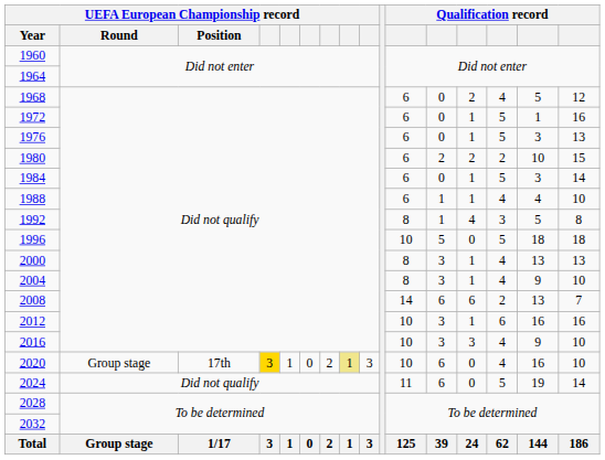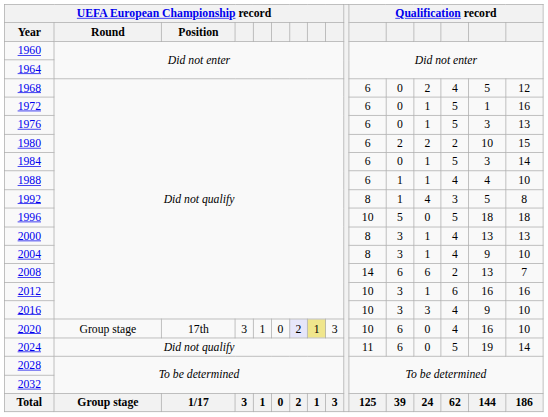 <table class="wikitable" style="text-align: center;">
 <tr>
 <th colspan=9><a href='#'>UEFA European Championship</a> record</th>
 <th width=1% rowspan=39></th>
 <th colspan=7><a href='#'>Qualification</a> record</th>
 </tr>
 <tr>
 <th>Year</th>
 <th>Round</th>
 <th>Position</th>
 <th></th>
 <th></th>
 <th></th>
 <th></th>
 <th></th>
 <th></th>
 <th></th>
 <th></th>
 <th></th>
 <th></th>
 <th></th>
 <th></th>
 </tr>
 <tr>
 <td> <a href='#'>1960</a></td>
 <td rowspan=2 colspan=8><em>Did not enter</em></td>
 <td rowspan=2 colspan=6><em>Did not enter</em></td>
 </tr>
 <tr>
 <td> <a href='#'>1964</a></td>
 </tr>
 <tr>
 <td> <a href='#'>1968</a></td>
 <td rowspan=13 colspan=8><em>Did not qualify</em></td>
 <td>6</td>
 <td>0</td>
 <td>2</td>
 <td>4</td>
 <td>5</td>
 <td>12</td>
 </tr>
 <tr>
 <td> <a href='#'>1972</a></td>
 <td>6</td>
 <td>0</td>
 <td>1</td>
 <td>5</td>
 <td>1</td>
 <td>16</td>
 </tr>
 <tr>
 <td> <a href='#'>1976</a></td>
 <td>6</td>
 <td>0</td>
 <td>1</td>
 <td>5</td>
 <td>3</td>
 <td>13</td>
 </tr>
 <tr>
 <td> <a href='#'>1980</a></td>
 <td>6</td>
 <td>2</td>
 <td>2</td>
 <td>2</td>
 <td>10</td>
 <td>15</td>
 </tr>
 <tr>
 <td> <a href='#'>1984</a></td>
 <td>6</td>
 <td>0</td>
 <td>1</td>
 <td>5</td>
 <td>3</td>
 <td>14</td>
 </tr>
 <tr>
 <td> <a href='#'>1988</a></td>
 <td>6</td>
 <td>1</td>
 <td>1</td>
 <td>4</td>
 <td>4</td>
 <td>10</td>
 </tr>
 <tr>
 <td> <a href='#'>1992</a></td>
 <td>8</td>
 <td>1</td>
 <td>4</td>
 <td>3</td>
 <td>5</td>
 <td>8</td>
 </tr>
 <tr>
 <td> <a href='#'>1996</a></td>
 <td>10</td>
 <td>5</td>
 <td>0</td>
 <td>5</td>
 <td>18</td>
 <td>18</td>
 </tr>
 <tr>
 <td>  <a href='#'>2000</a></td>
 <td>8</td>
 <td>3</td>
 <td>1</td>
 <td>4</td>
 <td>13</td>
 <td>13</td>
 </tr>
 <tr>
 <td> <a href='#'>2004</a></td>
 <td>8</td>
 <td>3</td>
 <td>1</td>
 <td>4</td>
 <td>9</td>
 <td>10</td>
 </tr>
 <tr>
 <td>  <a href='#'>2008</a></td>
 <td>14</td>
 <td>6</td>
 <td>6</td>
 <td>2</td>
 <td>13</td>
 <td>7</td>
 </tr>
 <tr>
 <td>  <a href='#'>2012</a></td>
 <td>10</td>
 <td>3</td>
 <td>1</td>
 <td>6</td>
 <td>16</td>
 <td>16</td>
 </tr>
 <tr>
 <td> <a href='#'>2016</a></td>
 <td>10</td>
 <td>3</td>
 <td>3</td>
 <td>4</td>
 <td>9</td>
 <td>10</td>
 </tr>
 <tr>
 <td> <a href='#'>2020</a></td>
 <td>Group stage</td>
 <td>17th</td>
-<td style="background: gold;">3</td>
+<td>3</td>
 <td>1</td>
 <td>0</td>
-<td>2</td>
+<td style="background: lavender;">2</td>
 <td style="background: khaki;">1</td>
 <td>3</td>
 <td>10</td>
 <td>6</td>
 <td>0</td>
 <td>4</td>
 <td>16</td>
 <td>10</td>
 </tr>
 <tr>
 <td> <a href='#'>2024</a></td>
 <td colspan=8><em>Did not qualify</em></td>
 <td>11</td>
 <td>6</td>
 <td>0</td>
 <td>5</td>
 <td>19</td>
 <td>14</td>
 </tr>
 <tr>
 <td>  <a href='#'>2028</a></td>
 <td colspan=8 rowspan=2><em>To be determined</em></td>
 <td colspan=7 rowspan=2><em>To be determined</em></td>
 </tr>
 <tr>
 <td>  <a href='#'>2032</a></td>
 </tr>
 <tr>
 <th>Total</th>
 <th>Group stage</th>
 <th>1/17</th>
 <th>3</th>
 <th>1</th>
 <th>0</th>
 <th>2</th>
 <th>1</th>
 <th>3</th>
 <th>125</th>
 <th>39</th>
 <th>24</th>
 <th>62</th>
 <th>144</th>
 <th>186</th>
 </tr>
 </table>
